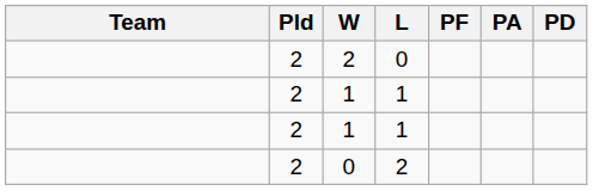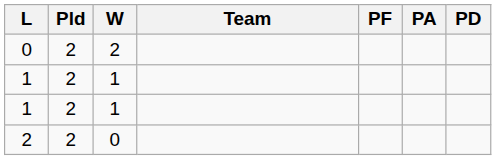 <table class=wikitable style="text-align:center">
 <tr>
-<th width=180>Team</th>
+<th width=30>L</th>
 <th width=30>Pld</th>
 <th width=30>W</th>
-<th width=30>L</th>
+<th width=180>Team</th>
 <th width=30>PF</th>
 <th width=30>PA</th>
 <th width=30>PD</th>
 </tr>
 <tr>
-<td align=left></td>
+<td>0</td>
 <td>2</td>
 <td>2</td>
-<td>0</td>
+<td align=left></td>
 <td></td>
 <td></td>
 <td></td>
 </tr>
 <tr>
-<td align=left></td>
+<td>1</td>
 <td>2</td>
 <td>1</td>
-<td>1</td>
+<td align=left></td>
 <td></td>
 <td></td>
 <td></td>
 </tr>
 <tr>
-<td align=left></td>
+<td>1</td>
 <td>2</td>
 <td>1</td>
-<td>1</td>
+<td align=left></td>
 <td></td>
 <td></td>
 <td></td>
 </tr>
 <tr>
-<td align=left></td>
+<td>2</td>
 <td>2</td>
 <td>0</td>
-<td>2</td>
+<td align=left></td>
 <td></td>
 <td></td>
 <td></td>
 </tr>
 </table>
